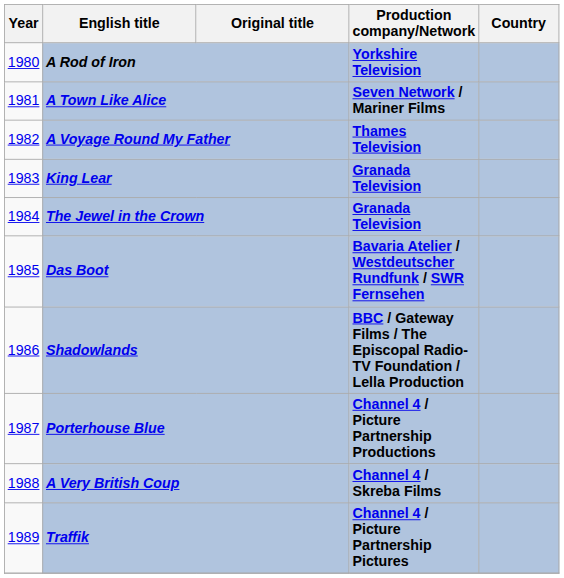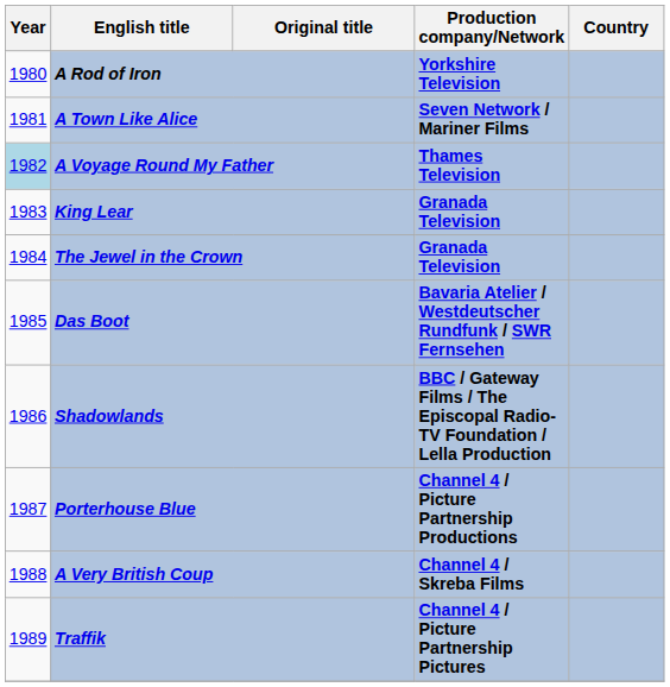 <table class="wikitable" width="100%" border="1" cellpadding="5" cellspacing="0">
 <tr>
 <th width=5%>Year</th>
 <th width=30%>English title</th>
 <th width=30%>Original title</th>
 <th width=20%><strong>Production company/Network</strong></th>
 <th width=15%><strong>Country</strong></th>
 </tr>
 <tr>
 <td style="text-align:center;"><a href='#'>1980</a></td>
 <td colspan="2" style="background:#B0C4DE;"><strong><em>A Rod of Iron</em></strong></td>
 <td style="background:#B0C4DE;"><strong><a href='#'>Yorkshire Television</a></strong></td>
 <td style="background:#B0C4DE;"><strong></strong></td>
 </tr>
 <tr>
 <td style="text-align:center;"><a href='#'>1981</a></td>
 <td colspan="2" style="background:#B0C4DE;"><strong><em><a href='#'>A Town Like Alice</a></em></strong></td>
 <td style="background:#B0C4DE;"><strong><a href='#'>Seven Network</a> / Mariner Films</strong></td>
 <td style="background:#B0C4DE;"><strong></strong></td>
 </tr>
 <tr>
-<td style="text-align:center;"><a href='#'>1982</a></td>
+<td style="background: lightblue; text-align:center;"><a href='#'>1982</a></td>
 <td colspan="2" style="background:#B0C4DE;"><strong><em><a href='#'>A Voyage Round My Father</a></em></strong></td>
 <td style="background:#B0C4DE;"><strong><a href='#'>Thames Television</a></strong></td>
 <td style="background:#B0C4DE;"><strong></strong></td>
 </tr>
 <tr>
 <td style="text-align:center;"><a href='#'>1983</a></td>
 <td colspan="2" style="background:#B0C4DE;"><strong><em><a href='#'>King Lear</a></em></strong></td>
 <td style="background:#B0C4DE;"><strong><a href='#'>Granada Television</a></strong></td>
 <td style="background:#B0C4DE;"><strong></strong></td>
 </tr>
 <tr>
 <td style="text-align:center;"><a href='#'>1984</a></td>
 <td colspan="2" style="background:#B0C4DE;"><strong><em><a href='#'>The Jewel in the Crown</a></em></strong></td>
 <td style="background:#B0C4DE;"><strong><a href='#'>Granada Television</a></strong></td>
 <td style="background:#B0C4DE;"><strong></strong></td>
 </tr>
 <tr>
 <td style="text-align:center;"><a href='#'>1985</a></td>
 <td colspan="2" style="background:#B0C4DE;"><strong><em><a href='#'>Das Boot</a></em></strong></td>
 <td style="background:#B0C4DE;"><strong><a href='#'>Bavaria Atelier</a> / <a href='#'>Westdeutscher Rundfunk</a> / <a href='#'>SWR Fernsehen</a></strong></td>
 <td style="background:#B0C4DE;"><strong></strong></td>
 </tr>
 <tr>
 <td style="text-align:center;"><a href='#'>1986</a></td>
 <td colspan="2" style="background:#B0C4DE;"><strong><em><a href='#'>Shadowlands</a></em></strong></td>
 <td style="background:#B0C4DE;"><strong><a href='#'>BBC</a> / Gateway Films / The Episcopal Radio-TV Foundation / Lella Production</strong></td>
 <td style="background:#B0C4DE;"><strong></strong></td>
 </tr>
 <tr>
 <td style="text-align:center;"><a href='#'>1987</a></td>
 <td colspan="2" style="background:#B0C4DE;"><strong><em><a href='#'>Porterhouse Blue</a></em></strong></td>
 <td style="background:#B0C4DE;"><strong><a href='#'>Channel 4</a> / Picture Partnership Productions</strong></td>
 <td style="background:#B0C4DE;"><strong></strong></td>
 </tr>
 <tr>
 <td style="text-align:center;"><a href='#'>1988</a></td>
 <td colspan="2" style="background:#B0C4DE;"><strong><em><a href='#'>A Very British Coup</a></em></strong></td>
 <td style="background:#B0C4DE;"><strong><a href='#'>Channel 4</a> / Skreba Films</strong></td>
 <td style="background:#B0C4DE;"><strong></strong></td>
 </tr>
 <tr>
 <td style="text-align:center;"><a href='#'>1989</a></td>
 <td colspan="2" style="background:#B0C4DE;"><strong><em><a href='#'>Traffik</a></em></strong></td>
 <td style="background:#B0C4DE;"><strong><a href='#'>Channel 4</a> / Picture Partnership Pictures</strong></td>
 <td style="background:#B0C4DE;"><strong></strong></td>
 </tr>
 <tr>
 </tr>
 </table>
